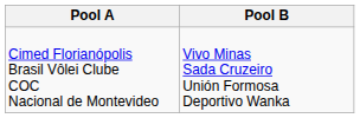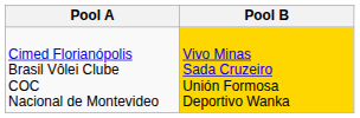 <table class="wikitable">
 <tr>
 <th width=45%>Pool A</th>
 <th width=45%>Pool B</th>
 </tr>
 <tr>
 <td><br> <a href='#'>Cimed Florianópolis</a><br>  Brasil Vôlei Clube<br>  COC<br>  Nacional de Montevideo</td>
-<td><br> <a href='#'>Vivo Minas</a><br>  <a href='#'>Sada Cruzeiro</a><br>  Unión Formosa<br>  Deportivo Wanka</td>
+<td style="background: gold;"><br> <a href='#'>Vivo Minas</a><br>  <a href='#'>Sada Cruzeiro</a><br>  Unión Formosa<br>  Deportivo Wanka</td>
 </tr>
 </table>
